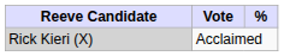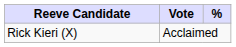 <table class="wikitable">
 <tr>
 <th style="background:#ddf; width:200px;">Reeve Candidate</th>
 <th style="background:#ddf; width:50px;">Vote</th>
 <th style="background:#ddf; width:30px;">%</th>
 </tr>
 <tr>
-<td style="background: lightgrey;">Rick Kieri (X)</td>
+<td>Rick Kieri (X)</td>
 <td colspan="2">Acclaimed</td>
 </tr>
 </table>
